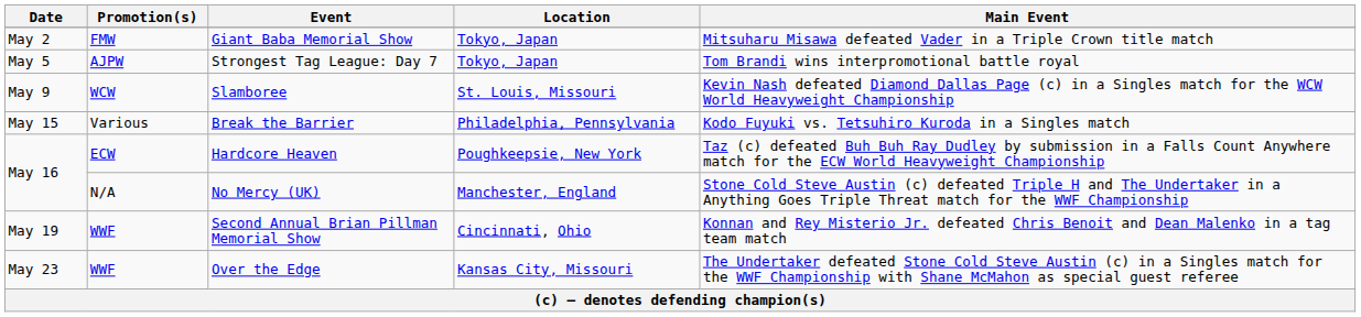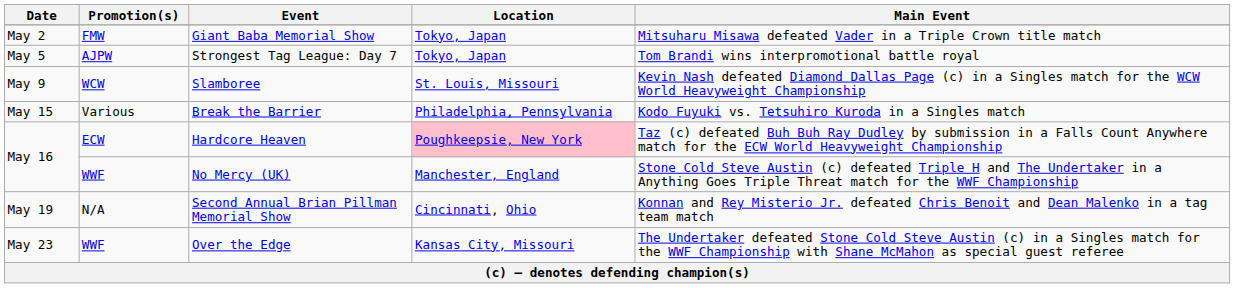 <table class="wikitable" style="width:100%;">
 <tr>
 <th width="5%">Date</th>
 <th width="5%">Promotion(s)</th>
 <th style="width:15%;">Event</th>
 <th style="width:15%;">Location</th>
 <th style="width:40%;">Main Event</th>
 </tr>
 <tr style="width:20%;" |Notes>
 </tr>
 <tr>
 <td>May 2</td>
 <td><a href='#'>FMW</a></td>
 <td><a href='#'>Giant Baba Memorial Show</a></td>
 <td><a href='#'>Tokyo, Japan</a></td>
 <td><a href='#'>Mitsuharu Misawa</a> defeated <a href='#'>Vader</a> in a Triple Crown title match</td>
 </tr>
 <tr>
 <td>May 5</td>
 <td><a href='#'>AJPW</a></td>
 <td>Strongest Tag League: Day 7</td>
 <td><a href='#'>Tokyo, Japan</a></td>
 <td><a href='#'>Tom Brandi</a> wins interpromotional battle royal</td>
 </tr>
 <tr>
 <td>May 9</td>
 <td><a href='#'>WCW</a></td>
 <td><a href='#'>Slamboree</a></td>
 <td><a href='#'>St. Louis, Missouri</a></td>
 <td><a href='#'>Kevin Nash</a> defeated <a href='#'>Diamond Dallas Page</a> (c) in a Singles match for the <a href='#'>WCW World Heavyweight Championship</a></td>
 </tr>
 <tr>
 <td>May 15</td>
 <td>Various</td>
 <td><a href='#'>Break the Barrier</a></td>
 <td><a href='#'>Philadelphia, Pennsylvania</a></td>
 <td><a href='#'>Kodo Fuyuki</a> vs. <a href='#'>Tetsuhiro Kuroda</a> in a Singles match</td>
 </tr>
 <tr>
 <td rowspan=2>May 16</td>
 <td><a href='#'>ECW</a></td>
 <td><a href='#'>Hardcore Heaven</a></td>
-<td><a href='#'>Poughkeepsie, New York</a></td>
+<td style="background: pink;"><a href='#'>Poughkeepsie, New York</a></td>
 <td><a href='#'>Taz</a> (c) defeated <a href='#'>Buh Buh Ray Dudley</a> by submission in a Falls Count Anywhere match for the <a href='#'>ECW World Heavyweight Championship</a></td>
 </tr>
 <tr>
-<td>N/A</td>
+<td><a href='#'>WWF</a></td>
 <td><a href='#'>No Mercy (UK)</a></td>
 <td><a href='#'>Manchester, England</a></td>
 <td><a href='#'>Stone Cold Steve Austin</a> (c) defeated <a href='#'>Triple H</a> and <a href='#'>The Undertaker</a> in a Anything Goes Triple Threat match for the <a href='#'>WWF Championship</a></td>
 </tr>
 <tr>
 <td>May 19</td>
-<td><a href='#'>WWF</a></td>
+<td>N/A</td>
 <td><a href='#'>Second Annual Brian Pillman Memorial Show</a></td>
 <td><a href='#'>Cincinnati</a>, <a href='#'>Ohio</a></td>
 <td><a href='#'>Konnan</a> and <a href='#'>Rey Misterio Jr.</a> defeated <a href='#'>Chris Benoit</a> and <a href='#'>Dean Malenko</a> in a tag team match</td>
 </tr>
 <tr>
 <td>May 23</td>
 <td><a href='#'>WWF</a></td>
 <td><a href='#'>Over the Edge</a></td>
 <td><a href='#'>Kansas City, Missouri</a></td>
 <td><a href='#'>The Undertaker</a> defeated <a href='#'>Stone Cold Steve Austin</a> (c) in a Singles match for the <a href='#'>WWF Championship</a> with <a href='#'>Shane McMahon</a> as special guest referee</td>
 </tr>
 <tr>
 <th colspan="6">(c) – denotes defending champion(s)</th>
 </tr>
 </table>
